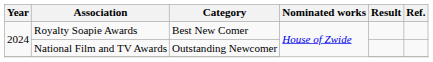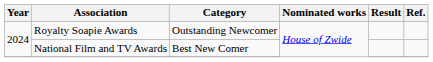 <table class="wikitable sortable">
 <tr>
 <th>Year</th>
 <th>Association</th>
 <th>Category</th>
 <th>Nominated works</th>
 <th>Result</th>
 <th>Ref.</th>
 </tr>
 <tr>
 <td rowspan=2>2024</td>
 <td>Royalty Soapie Awards</td>
-<td>Best New Comer</td>
+<td>Outstanding Newcomer</td>
 <td rowspan=5><em><a href='#'>House of Zwide</a></em></td>
 <td></td>
 <td></td>
 </tr>
 <tr>
 <td>National Film and TV Awards</td>
-<td>Outstanding Newcomer</td>
+<td>Best New Comer</td>
 <td></td>
 <td></td>
 </tr>
 <tr>
 </tr>
 </table>
